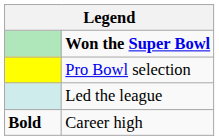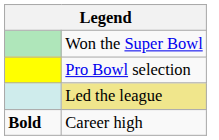 <table class="wikitable">
 <tr>
 <th colspan="2">Legend</th>
 </tr>
 <tr>
 <td style="background:#afe6ba; width:3em;"></td>
-<td><strong>Won the <a href='#'>Super Bowl</a></strong></td>
+<td>Won the <a href='#'>Super Bowl</a></td>
 </tr>
 <tr>
 <td style="background:#ff0; width:3em;"></td>
 <td><a href='#'>Pro Bowl</a> selection</td>
 </tr>
 <tr>
 <td style="background:#cfecec; width:3em;"></td>
-<td>Led the league</td>
+<td style="background: khaki;">Led the league</td>
 </tr>
 <tr>
 <td><strong>Bold</strong></td>
 <td>Career high</td>
 </tr>
 </table>
